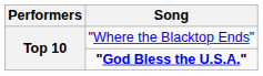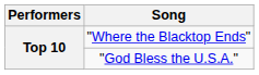 <table class="wikitable unsortable" style="text-align:center;">
 <tr>
 <th scope="col">Performers</th>
 <th scope="col">Song</th>
 </tr>
 <tr>
 <th rowspan="2" scope="row">Top 10</th>
 <td>"<a href='#'>Where the Blacktop Ends</a>"</td>
 </tr>
 <tr>
-<td><strong>"<a href='#'>God Bless the U.S.A.</a>"</strong></td>
+<td>"<a href='#'>God Bless the U.S.A.</a>"</td>
 </tr>
 </table>
